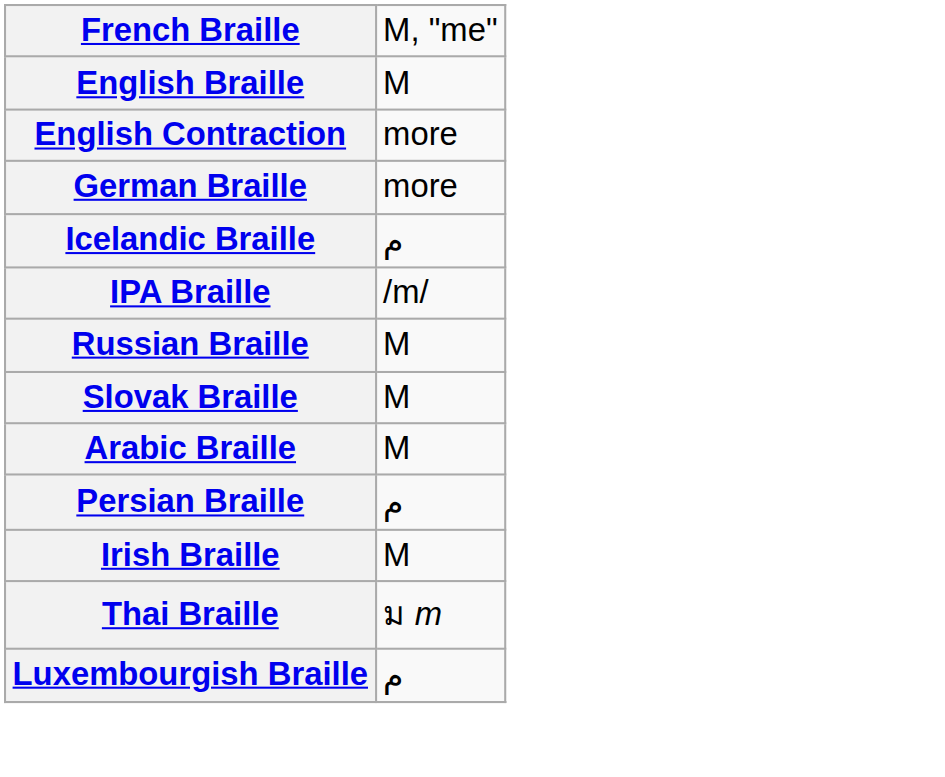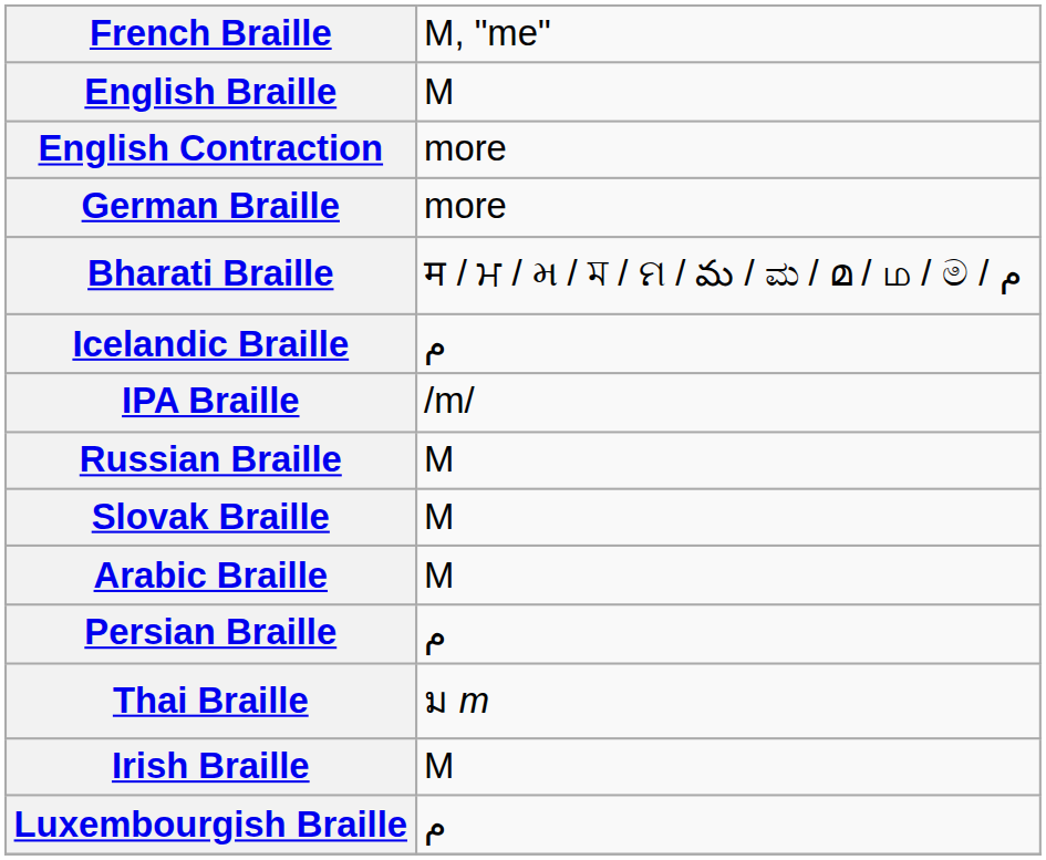 <table class="wikitable">
 <tr>
 <th align=left><a href='#'>French Braille</a></th>
 <td>M, "me"</td>
 </tr>
 <tr>
 <th align=left><a href='#'>English Braille</a></th>
 <td>M</td>
 </tr>
 <tr>
 <th align=left><a href='#'>English Contraction</a></th>
 <td>more</td>
 </tr>
 <tr>
 <th align=left><a href='#'>German Braille</a></th>
 <td>more</td>
+</tr>
+<tr>
+<th align=left><a href='#'>Bharati Braille</a></th>
+<td>म / ਮ / મ / ম / ମ / మ / ಮ / മ / ம / ම / م ‎</td>
 </tr>
 <tr>
 <th align=left><a href='#'>Icelandic Braille</a></th>
 <td>م</td>
 </tr>
 <tr>
 <th align=left><a href='#'>IPA Braille</a></th>
 <td>/m/</td>
 </tr>
 <tr>
 <th align=left><a href='#'>Russian Braille</a></th>
 <td>М</td>
 </tr>
 <tr>
 <th align=left><a href='#'>Slovak Braille</a></th>
 <td>M</td>
 </tr>
 <tr>
 <th align=left><a href='#'>Arabic Braille</a></th>
 <td>M</td>
 </tr>
 <tr>
 <th align=left><a href='#'>Persian Braille</a></th>
 <td>م</td>
 </tr>
 <tr>
+<th align=left><a href='#'>Thai Braille</a></th>
+<td>ม <em>m</em></td>
+</tr>
+<tr>
 <th align=left><a href='#'>Irish Braille</a></th>
 <td>M</td>
-</tr>
-<tr>
-<th align=left><a href='#'>Thai Braille</a></th>
-<td>ม <em>m</em></td>
 </tr>
 <tr>
 <th align=left><a href='#'>Luxembourgish Braille</a></th>
 <td>م</td>
 </tr>
 <tr>
 </tr>
 </table>
